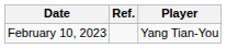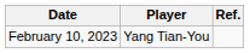 <table class="wikitable">
 <tr>
 <th>Date</th>
+<th>Player</th>
 <th>Ref.</th>
-<th>Player</th>
 </tr>
 <tr>
 <td>February 10, 2023</td>
+<td>Yang Tian-You</td>
 <td></td>
-<td>Yang Tian-You</td>
 </tr>
 </table>
